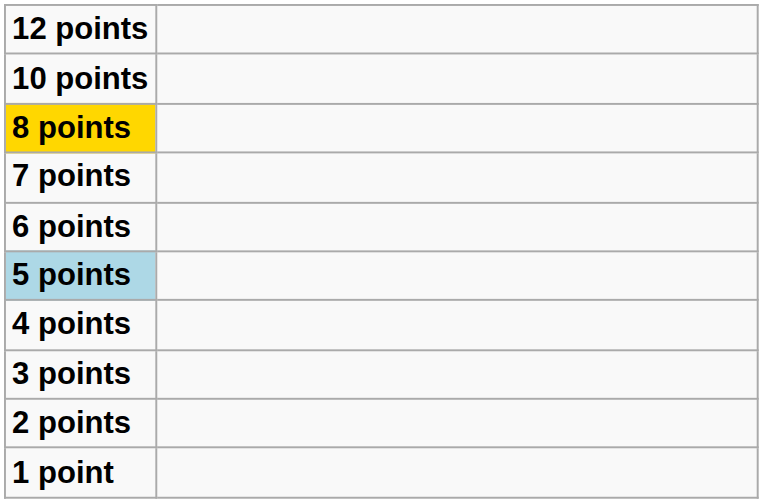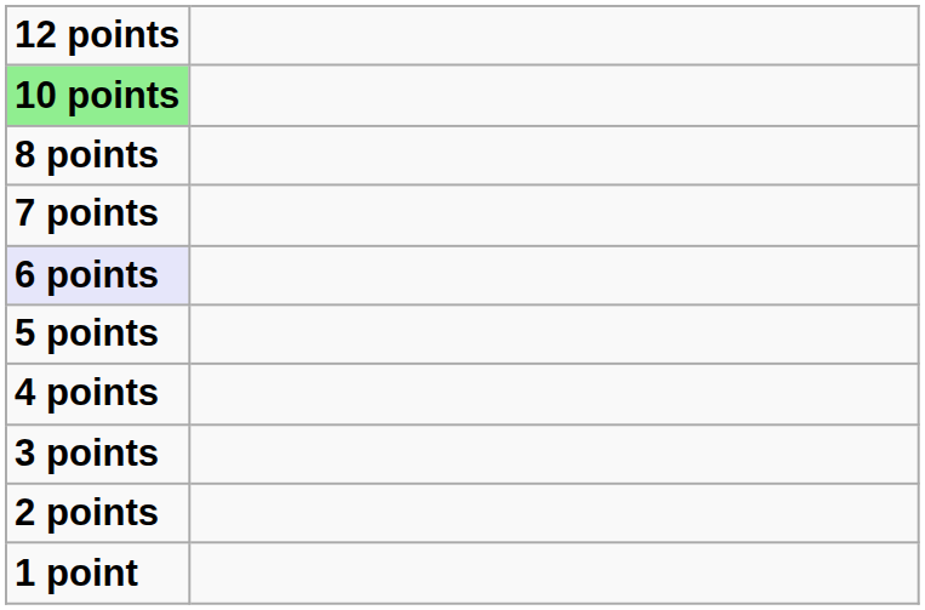 <table class="wikitable">
 <tr>
 <td width="20%"><strong>12 points</strong></td>
 <td></td>
 </tr>
 <tr>
-<td width="20%"><strong>10 points</strong></td>
+<td width="20%" style="background: lightgreen;"><strong>10 points</strong></td>
 <td></td>
 </tr>
 <tr>
-<td width="20%" style="background: gold;"><strong>8 points</strong></td>
+<td width="20%"><strong>8 points</strong></td>
 <td></td>
 </tr>
 <tr>
 <td width="20%"><strong>7 points</strong></td>
 <td></td>
 </tr>
 <tr>
-<td width="20%"><strong>6 points</strong></td>
+<td width="20%" style="background: lavender;"><strong>6 points</strong></td>
 <td></td>
 </tr>
 <tr>
-<td width="20%" style="background: lightblue;"><strong>5 points</strong></td>
+<td width="20%"><strong>5 points</strong></td>
 <td></td>
 </tr>
 <tr>
 <td width="20%"><strong>4 points</strong></td>
 <td></td>
 </tr>
 <tr>
 <td width="20%"><strong>3 points</strong></td>
 <td></td>
 </tr>
 <tr>
 <td width="20%"><strong>2 points</strong></td>
 <td></td>
 </tr>
 <tr>
 <td width="20%"><strong>1 point</strong></td>
 <td></td>
 </tr>
 </table>
